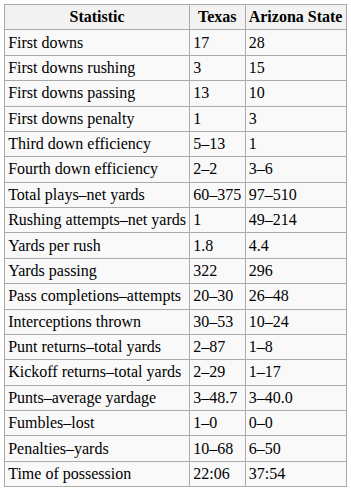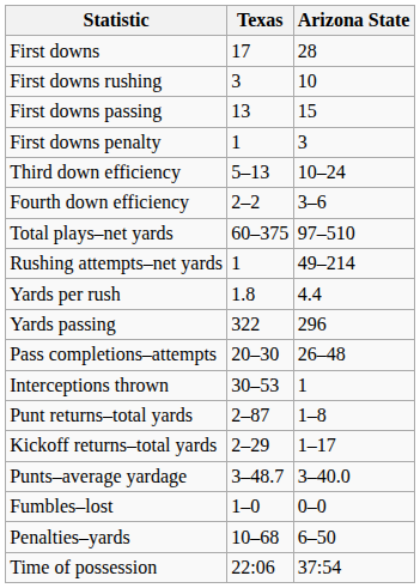 <table class="wikitable">
 <tr>
 <th>Statistic</th>
 <th><strong>Texas</strong></th>
 <th><strong>Arizona State</strong></th>
 </tr>
 <tr>
 <td>First downs</td>
 <td>17</td>
 <td>28</td>
 </tr>
 <tr>
 <td>First downs rushing</td>
 <td>3</td>
-<td>15</td>
+<td>10</td>
 </tr>
 <tr>
 <td>First downs passing</td>
 <td>13</td>
-<td>10</td>
+<td>15</td>
 </tr>
 <tr>
 <td>First downs penalty</td>
 <td>1</td>
 <td>3</td>
 </tr>
 <tr>
 <td>Third down efficiency</td>
 <td>5–13</td>
-<td>1</td>
+<td>10–24</td>
 </tr>
 <tr>
 <td>Fourth down efficiency</td>
 <td>2–2</td>
 <td>3–6</td>
 </tr>
 <tr>
 <td>Total plays–net yards</td>
 <td>60–375</td>
 <td>97–510</td>
 </tr>
 <tr>
 <td>Rushing attempts–net yards</td>
 <td>1</td>
 <td>49–214</td>
 </tr>
 <tr>
 <td>Yards per rush</td>
 <td>1.8</td>
 <td>4.4</td>
 </tr>
 <tr>
 <td>Yards passing</td>
 <td>322</td>
 <td>296</td>
 </tr>
 <tr>
 <td>Pass completions–attempts</td>
 <td>20–30</td>
 <td>26–48</td>
 </tr>
 <tr>
 <td>Interceptions thrown</td>
 <td>30–53</td>
-<td>10–24</td>
+<td>1</td>
 </tr>
 <tr>
 <td>Punt returns–total yards</td>
 <td>2–87</td>
 <td>1–8</td>
 </tr>
 <tr>
 <td>Kickoff returns–total yards</td>
 <td>2–29</td>
 <td>1–17</td>
 </tr>
 <tr>
 <td>Punts–average yardage</td>
 <td>3–48.7</td>
 <td>3–40.0</td>
 </tr>
 <tr>
 <td>Fumbles–lost</td>
 <td>1–0</td>
 <td>0–0</td>
 </tr>
 <tr>
 <td>Penalties–yards</td>
 <td>10–68</td>
 <td>6–50</td>
 </tr>
 <tr>
 <td>Time of possession</td>
 <td>22:06</td>
 <td>37:54</td>
 </tr>
 </table>
